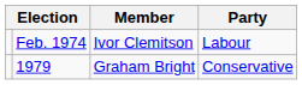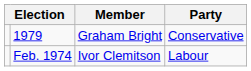 <table class="wikitable">
 <tr>
 <th colspan="2">Election</th>
 <th>Member</th>
 <th>Party</th>
 </tr>
 <tr>
 <td style="background-color: "></td>
+<td><a href='#'>1979</a></td>
+<td><a href='#'>Graham Bright</a></td>
+<td><a href='#'>Conservative</a></td>
+</tr>
+<tr>
+<td style="background-color: "></td>
 <td><a href='#'>Feb. 1974</a></td>
 <td><a href='#'>Ivor Clemitson</a></td>
 <td><a href='#'>Labour</a></td>
 </tr>
-<tr>
-<td style="background-color: "></td>
-<td><a href='#'>1979</a></td>
-<td><a href='#'>Graham Bright</a></td>
-<td><a href='#'>Conservative</a></td>
-</tr>
 </table>
